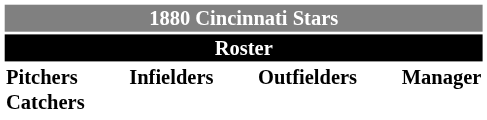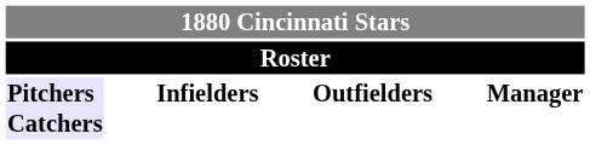 <table class="toccolours" style="font-size: 95%;">
 <tr>
 <th colspan="10" style="background-color: gray; color: white; text-align: center;">1880 Cincinnati Stars</th>
 </tr>
 <tr>
 <td colspan="10" style="background-color: black; color: white; text-align: center;"><strong>Roster</strong></td>
 </tr>
 <tr>
-<td valign="top"><strong>Pitchers</strong><br> <strong>Catchers</strong> </td>
+<td valign="top" style="background: lavender;"><strong>Pitchers</strong><br> <strong>Catchers</strong> </td>
 <td width="25px"></td>
 <td valign="top"><strong>Infielders</strong><br>      </td>
 <td width="25px"></td>
 <td valign="top"><strong>Outfielders</strong><br>      </td>
 <td width="25px"></td>
 <td valign="top"><strong>Manager</strong><br></td>
 </tr>
 </table>
